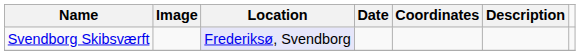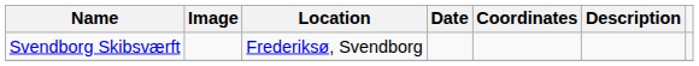 <table class="wikitable sortable">
 <tr>
 <th>Name</th>
 <th>Image</th>
 <th>Location</th>
 <th>Date</th>
 <th>Coordinates</th>
 <th>Description</th>
 </tr>
 <tr>
 <td><a href='#'>Svendborg Skibsværft</a></td>
 <td></td>
-<td style="background: lavender;"><a href='#'>Frederiksø</a>, Svendborg</td>
+<td><a href='#'>Frederiksø</a>, Svendborg</td>
 <td></td>
 <td></td>
 <td></td>
 <td></td>
 </tr>
 <tr>
 </tr>
 </table>
